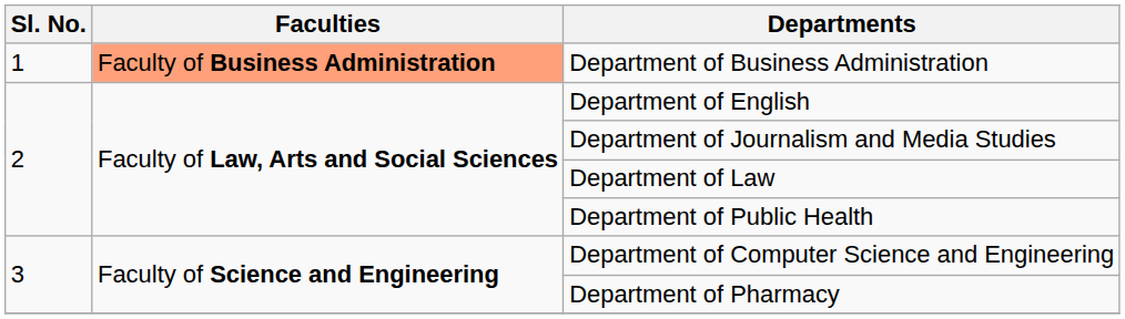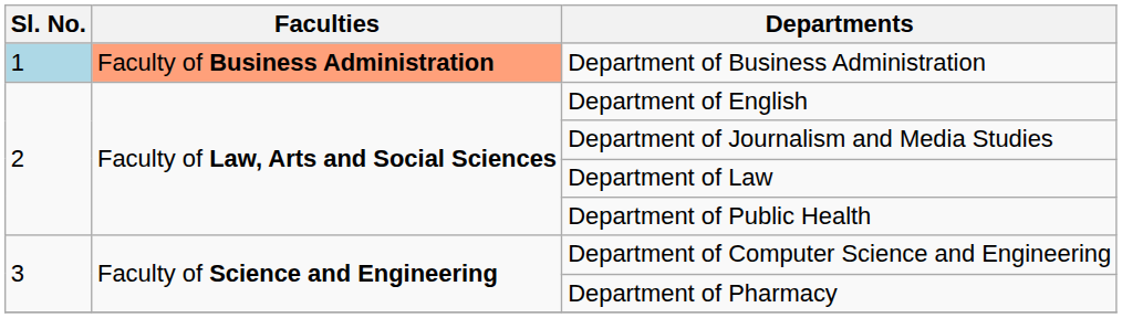 <table class="wikitable">
 <tr>
 <th>Sl. No.</th>
 <th>Faculties</th>
 <th>Departments</th>
 </tr>
 <tr>
-<td rowspan="1">1</td>
+<td rowspan="1" style="background: lightblue;">1</td>
 <td style="background: lightsalmon;">Faculty of <strong>Business Administration</strong></td>
 <td>Department of Business Administration</td>
 </tr>
 <tr>
 <td rowspan="4">2</td>
 <td rowspan="4">Faculty of <strong>Law, Arts and Social Sciences</strong></td>
 <td>Department of English</td>
 </tr>
 <tr>
 <td>Department of Journalism and Media Studies</td>
 </tr>
 <tr>
 <td>Department of Law</td>
 </tr>
 <tr>
 <td>Department of Public Health</td>
 </tr>
 <tr>
 <td rowspan="2">3</td>
 <td rowspan="2">Faculty of <strong>Science and Engineering</strong></td>
 <td>Department of Computer Science and Engineering</td>
 </tr>
 <tr>
 <td>Department of Pharmacy</td>
 </tr>
 <tr>
 </tr>
 </table>
